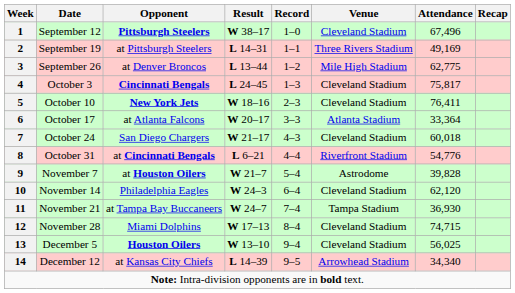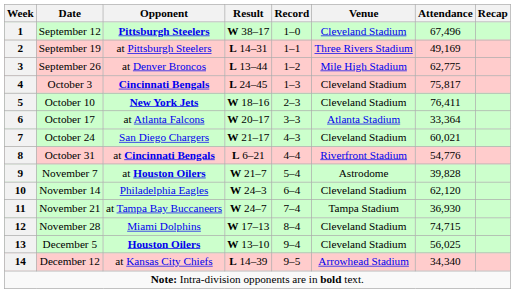 <table class="wikitable" style="text-align:center">
 <tr>
 <th>Week</th>
 <th>Date</th>
 <th>Opponent</th>
 <th>Result</th>
 <th>Record</th>
 <th>Venue</th>
 <th>Attendance</th>
 <th>Recap</th>
 </tr>
 <tr style="background:#cfc">
 <th>1</th>
 <td>September 12</td>
 <td><strong><a href='#'>Pittsburgh Steelers</a></strong></td>
 <td><strong>W</strong> 38–17</td>
 <td>1–0</td>
 <td><a href='#'>Cleveland Stadium</a></td>
 <td align="center">67,496</td>
 <td></td>
 </tr>
 <tr style="background:#fcc">
 <th>2</th>
 <td>September 19</td>
 <td>at <a href='#'>Pittsburgh Steelers</a></td>
 <td><strong>L</strong> 14–31</td>
 <td>1–1</td>
 <td><a href='#'>Three Rivers Stadium</a></td>
 <td align="center">49,169</td>
 <td></td>
 </tr>
 <tr style="background:#fcc">
 <th>3</th>
 <td>September 26</td>
 <td>at <a href='#'>Denver Broncos</a></td>
 <td><strong>L</strong> 13–44</td>
 <td>1–2</td>
 <td><a href='#'>Mile High Stadium</a></td>
 <td align="center">62,775</td>
 <td></td>
 </tr>
 <tr style="background:#fcc">
 <th>4</th>
 <td>October 3</td>
 <td><strong><a href='#'>Cincinnati Bengals</a> </strong></td>
 <td><strong>L</strong> 24–45</td>
 <td>1–3</td>
 <td>Cleveland Stadium</td>
 <td align="center">75,817</td>
 <td></td>
 </tr>
 <tr style="background:#cfc">
 <th>5</th>
 <td>October 10</td>
 <td><strong><a href='#'>New York Jets</a></strong></td>
 <td><strong>W</strong> 18–16</td>
 <td>2–3</td>
 <td>Cleveland Stadium</td>
 <td align="center">76,411</td>
 <td></td>
 </tr>
 <tr style="background:#cfc">
 <th>6</th>
 <td>October 17</td>
 <td>at <a href='#'>Atlanta Falcons</a></td>
 <td><strong>W</strong> 20–17</td>
 <td>3–3</td>
 <td><a href='#'>Atlanta Stadium</a></td>
 <td align="center">33,364</td>
 <td></td>
 </tr>
 <tr style="background:#cfc">
 <th>7</th>
 <td>October 24</td>
 <td><a href='#'>San Diego Chargers</a></td>
 <td><strong>W</strong> 21–17</td>
 <td>4–3</td>
 <td>Cleveland Stadium</td>
-<td align="center">60,018</td>
+<td align="center">60,021</td>
 <td></td>
 </tr>
 <tr style="background:#fcc">
 <th>8</th>
 <td>October 31</td>
 <td>at <strong><a href='#'>Cincinnati Bengals</a> </strong></td>
 <td><strong>L</strong> 6–21</td>
 <td>4–4</td>
 <td><a href='#'>Riverfront Stadium</a></td>
 <td align="center">54,776</td>
 <td></td>
 </tr>
 <tr style="background:#cfc">
 <th>9</th>
 <td>November 7</td>
 <td>at <strong><a href='#'>Houston Oilers</a></strong></td>
 <td><strong>W</strong> 21–7</td>
 <td>5–4</td>
 <td>Astrodome</td>
 <td align="center">39,828</td>
 <td></td>
 </tr>
 <tr style="background:#cfc">
 <th>10</th>
 <td>November 14</td>
 <td><a href='#'>Philadelphia Eagles</a></td>
 <td><strong>W</strong> 24–3</td>
 <td>6–4</td>
 <td>Cleveland Stadium</td>
 <td align="center">62,120</td>
 <td></td>
 </tr>
 <tr style="background:#cfc">
 <th>11</th>
 <td>November 21</td>
 <td>at <a href='#'>Tampa Bay Buccaneers</a></td>
 <td><strong>W</strong> 24–7</td>
 <td>7–4</td>
 <td>Tampa Stadium</td>
 <td align="center">36,930</td>
 <td></td>
 </tr>
 <tr style="background:#cfc">
 <th>12</th>
 <td>November 28</td>
 <td><a href='#'>Miami Dolphins</a></td>
 <td><strong>W</strong> 17–13</td>
 <td>8–4</td>
 <td>Cleveland Stadium</td>
 <td align="center">74,715</td>
 <td></td>
 </tr>
 <tr style="background:#cfc">
 <th>13</th>
 <td>December 5</td>
 <td><strong><a href='#'>Houston Oilers</a></strong></td>
 <td><strong>W</strong> 13–10</td>
 <td>9–4</td>
 <td>Cleveland Stadium</td>
 <td align="center">56,025</td>
 <td></td>
 </tr>
 <tr style="background:#fcc">
 <th>14</th>
 <td>December 12</td>
 <td>at <a href='#'>Kansas City Chiefs</a></td>
 <td><strong>L</strong> 14–39</td>
 <td>9–5</td>
 <td><a href='#'>Arrowhead Stadium</a></td>
 <td align="center">34,340</td>
 <td></td>
 </tr>
 <tr>
 <td colspan="8"><strong>Note:</strong> Intra-division opponents are in <strong>bold</strong> text.</td>
 </tr>
 </table>
